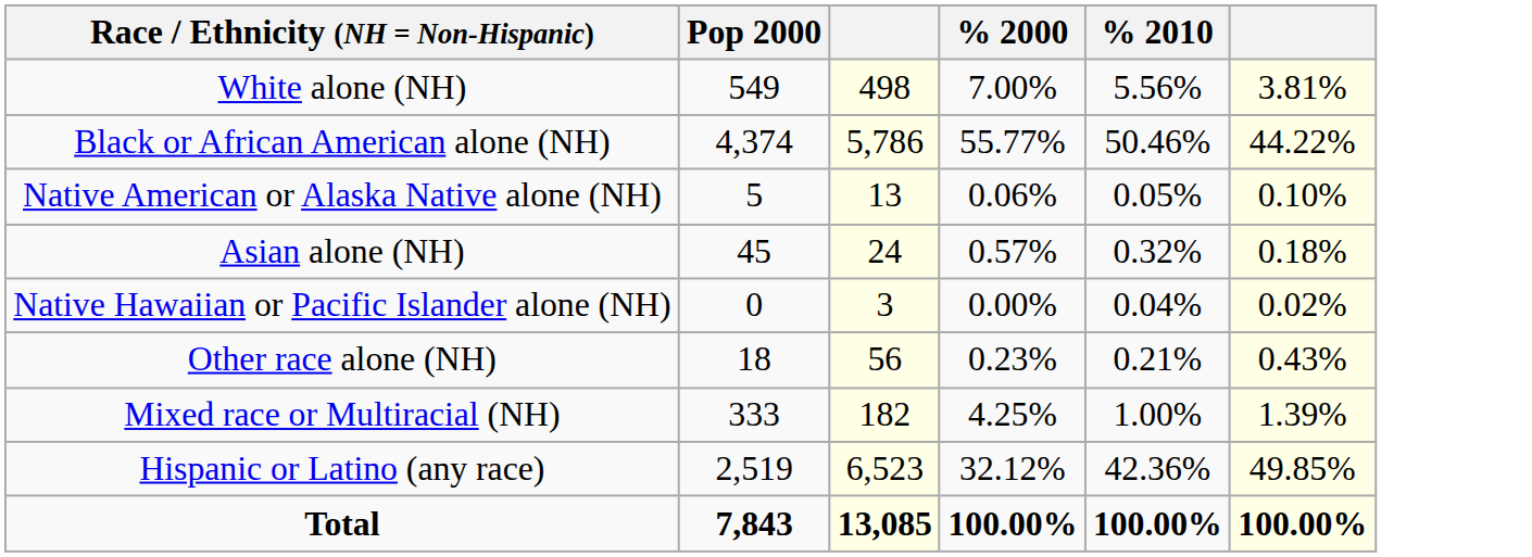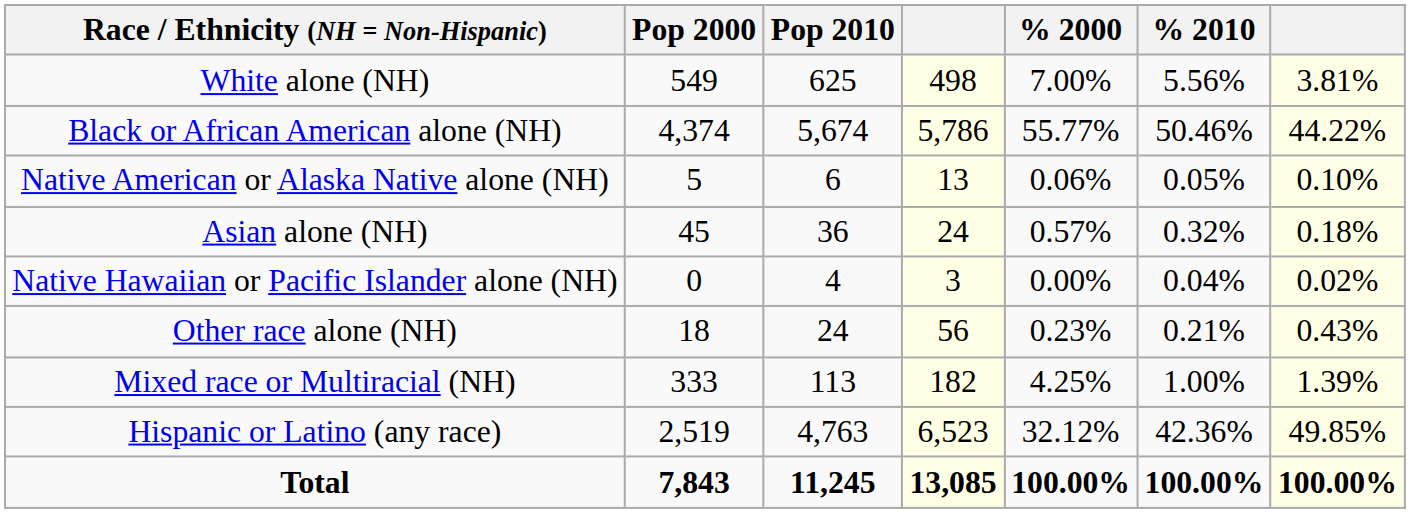 <table class="wikitable" style="text-align:center;">
 <tr>
 <th>Race / Ethnicity <small>(<em>NH = Non-Hispanic</em>)</small></th>
 <th>Pop 2000</th>
+<th>Pop 2010</th>
 <th></th>
 <th>% 2000</th>
 <th>% 2010</th>
 <th></th>
 </tr>
 <tr>
 <td><a href='#'>White</a> alone (NH)</td>
 <td>549</td>
+<td>625</td>
 <td style='background: #ffffe6;'>498</td>
 <td>7.00%</td>
 <td>5.56%</td>
 <td style='background: #ffffe6;'>3.81%</td>
 </tr>
 <tr>
 <td><a href='#'>Black or African American</a> alone (NH)</td>
 <td>4,374</td>
+<td>5,674</td>
 <td style='background: #ffffe6;'>5,786</td>
 <td>55.77%</td>
 <td>50.46%</td>
 <td style='background: #ffffe6;'>44.22%</td>
 </tr>
 <tr>
 <td><a href='#'>Native American</a> or <a href='#'>Alaska Native</a> alone (NH)</td>
 <td>5</td>
+<td>6</td>
 <td style='background: #ffffe6;'>13</td>
 <td>0.06%</td>
 <td>0.05%</td>
 <td style='background: #ffffe6;'>0.10%</td>
 </tr>
 <tr>
 <td><a href='#'>Asian</a> alone (NH)</td>
 <td>45</td>
+<td>36</td>
 <td style='background: #ffffe6;'>24</td>
 <td>0.57%</td>
 <td>0.32%</td>
 <td style='background: #ffffe6;'>0.18%</td>
 </tr>
 <tr>
 <td><a href='#'>Native Hawaiian</a> or <a href='#'>Pacific Islander</a> alone (NH)</td>
 <td>0</td>
+<td>4</td>
 <td style='background: #ffffe6;'>3</td>
 <td>0.00%</td>
 <td>0.04%</td>
 <td style='background: #ffffe6;'>0.02%</td>
 </tr>
 <tr>
 <td><a href='#'>Other race</a> alone (NH)</td>
 <td>18</td>
+<td>24</td>
 <td style='background: #ffffe6;'>56</td>
 <td>0.23%</td>
 <td>0.21%</td>
 <td style='background: #ffffe6;'>0.43%</td>
 </tr>
 <tr>
 <td><a href='#'>Mixed race or Multiracial</a> (NH)</td>
 <td>333</td>
+<td>113</td>
 <td style='background: #ffffe6;'>182</td>
 <td>4.25%</td>
 <td>1.00%</td>
 <td style='background: #ffffe6;'>1.39%</td>
 </tr>
 <tr>
 <td><a href='#'>Hispanic or Latino</a> (any race)</td>
 <td>2,519</td>
+<td>4,763</td>
 <td style='background: #ffffe6;'>6,523</td>
 <td>32.12%</td>
 <td>42.36%</td>
 <td style='background: #ffffe6;'>49.85%</td>
 </tr>
 <tr>
 <td><strong>Total</strong></td>
 <td><strong>7,843</strong></td>
+<td><strong>11,245</strong></td>
 <td style='background: #ffffe6;'><strong>13,085</strong></td>
 <td><strong>100.00%</strong></td>
 <td><strong>100.00%</strong></td>
 <td style='background: #ffffe6;'><strong>100.00%</strong></td>
 </tr>
 </table>
